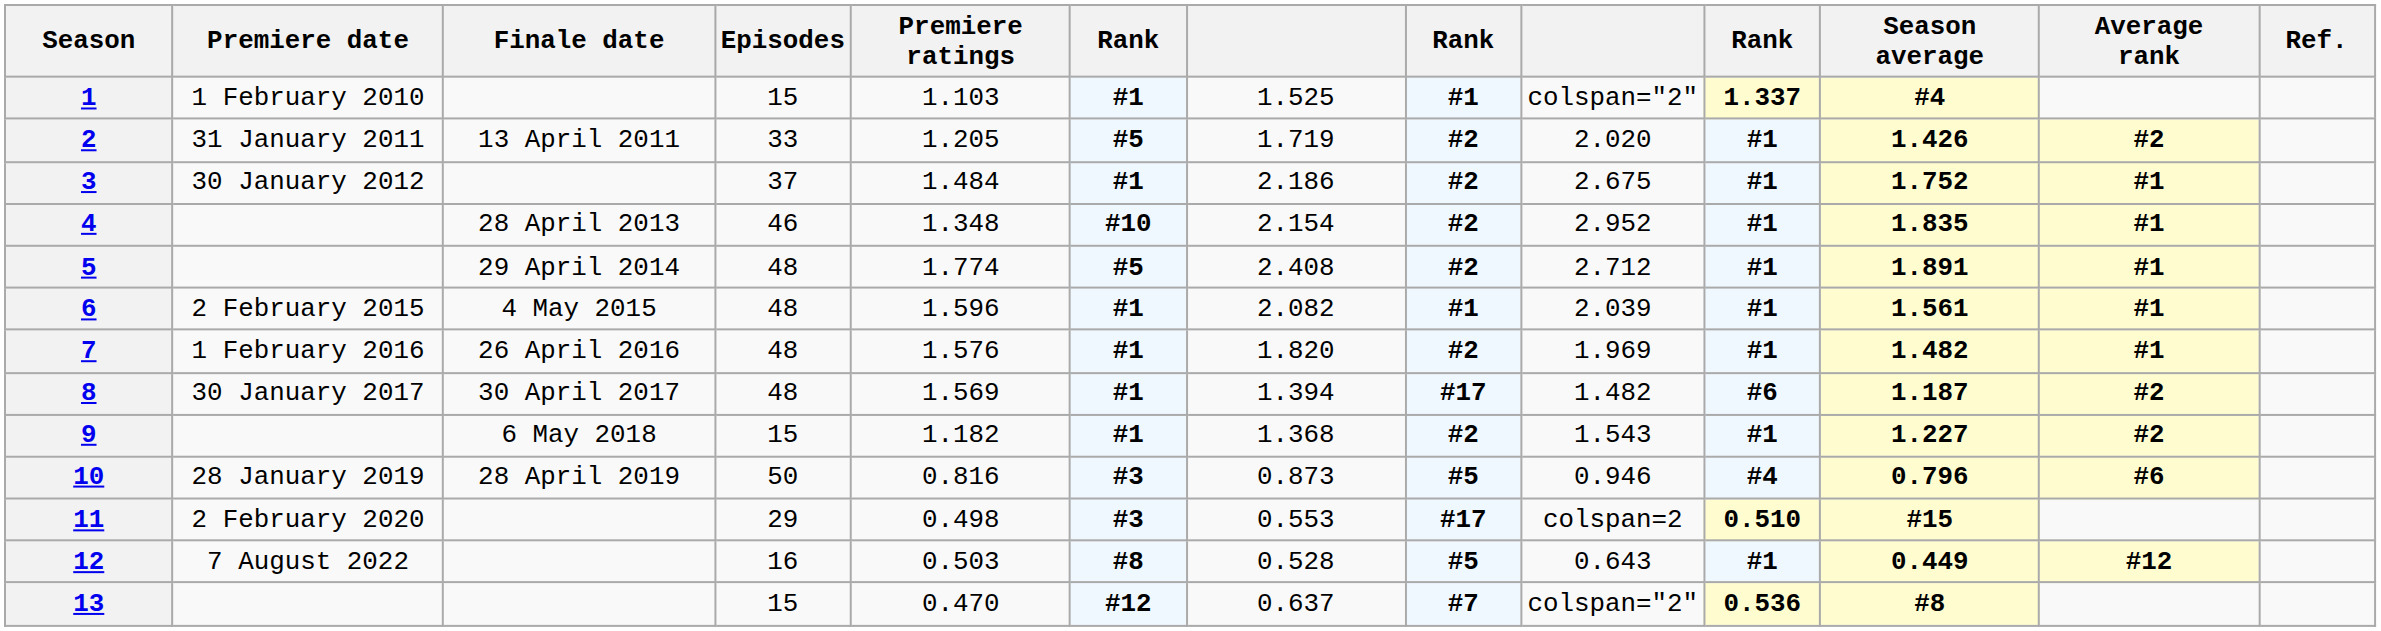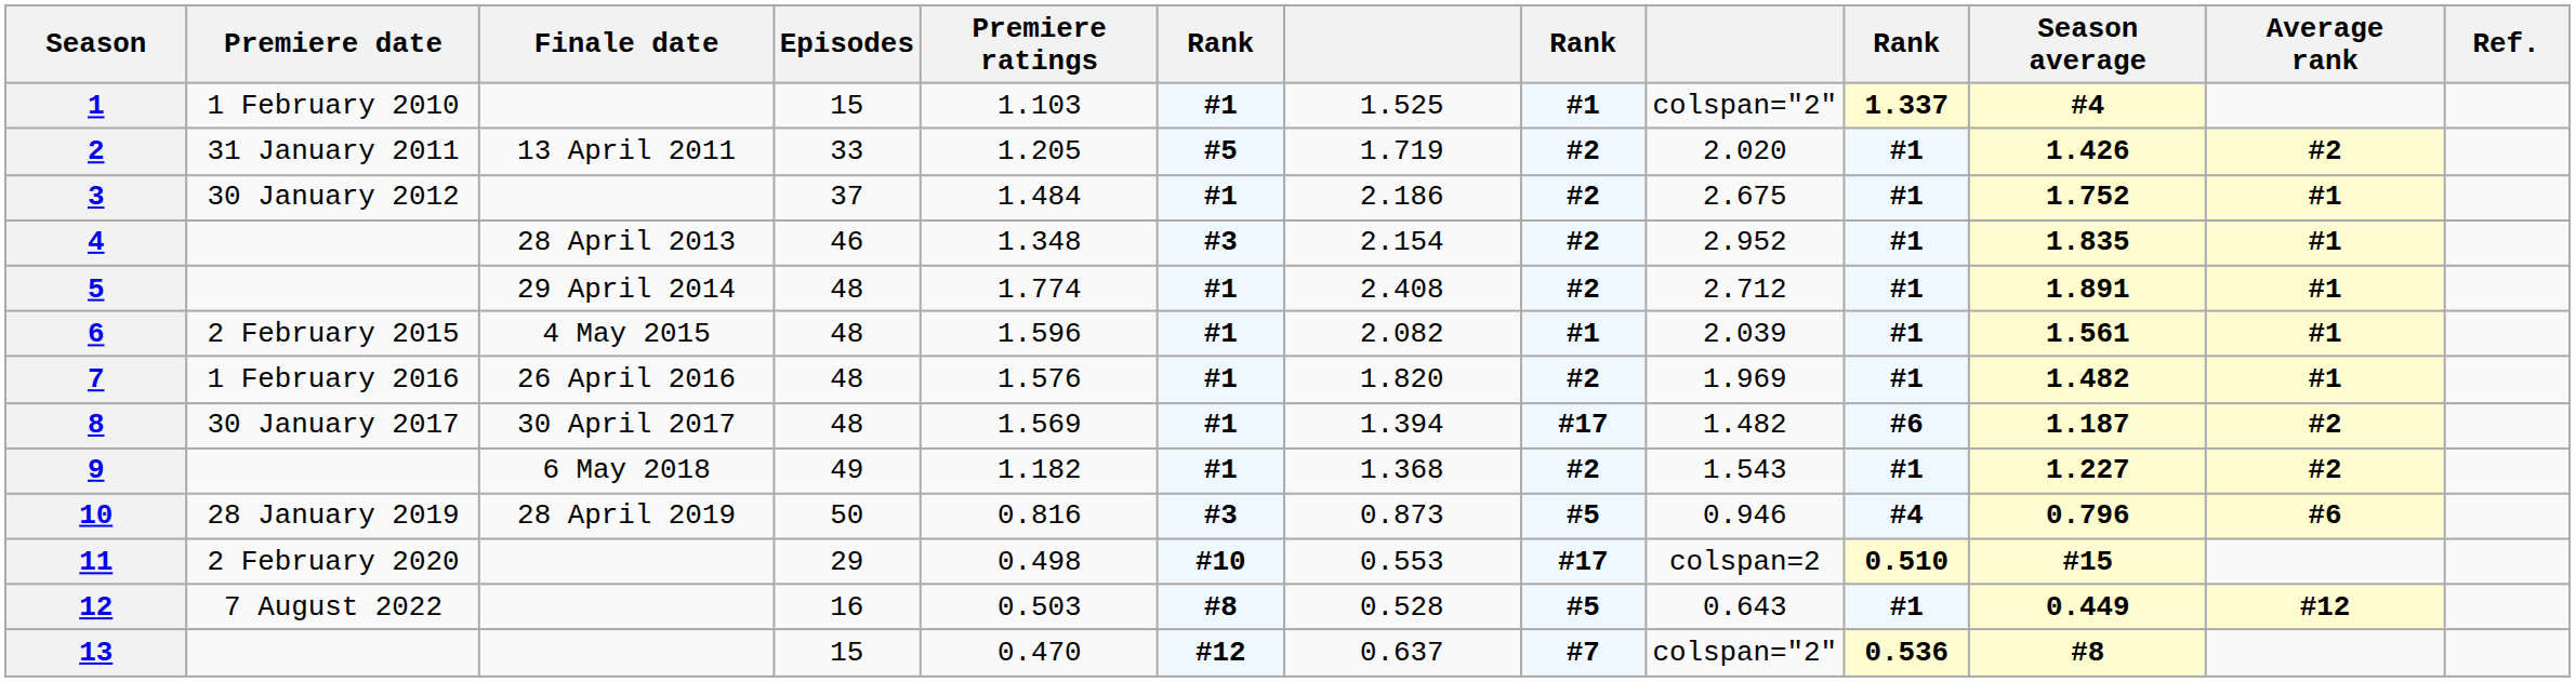 <table class="wikitable plainrowheaders" style="text-align:center;">
 <tr style="background:#DCDCDC;">
 <th scope="col" style="width:6em;">Season</th>
 <th scope="col" style="width:10em;">Premiere date</th>
 <th scope="col" style="width:10em;">Finale date</th>
 <th scope="col">Episodes</th>
 <th scope="col" style="width:8em;">Premiere<br>ratings</th>
 <th scope="col" style="width:4em;">Rank</th>
 <th scope="col" style="width:8em;"><strong></strong><br><em><small></small></em></th>
 <th scope="col" style="width:4em;">Rank</th>
 <th scope="col"><strong></strong><br><em><small></small></em></th>
 <th scope="col" style="width:4em;">Rank</th>
 <th scope="col" style="width:8em;">Season<br>average</th>
 <th scope="col" style="width:8em;">Average<br>rank</th>
 <th scope="col" style="width:4em;">Ref.</th>
 </tr>
 <tr>
 <th scope="row" style="text-align:center;"><a href='#'>1</a></th>
 <td>1 February 2010</td>
 <td></td>
 <td>15</td>
 <td>1.103</td>
 <td style="background:#F0F8FF"><strong>#1</strong></td>
 <td>1.525</td>
 <td style="background:#F0F8FF"><strong>#1</strong></td>
 <td>colspan="2" </td>
 <th style="background:#FFFDD0">1.337</th>
 <th style="background:#FFFDD0">#4</th>
 <td></td>
 </tr>
 <tr>
 <th scope="row" style="text-align:center;"><a href='#'>2</a></th>
 <td>31 January 2011</td>
 <td>13 April 2011</td>
 <td>33</td>
 <td>1.205</td>
 <td style="background:#F0F8FF"><strong>#5</strong></td>
 <td>1.719</td>
 <td style="background:#F0F8FF"><strong>#2</strong></td>
 <td>2.020</td>
 <td style="background:#F0F8FF"><strong>#1</strong></td>
 <th style="background:#FFFDD0">1.426</th>
 <th style="background:#FFFDD0">#2</th>
 <td></td>
 </tr>
 <tr>
 <th scope="row" style="text-align:center;"><a href='#'>3</a></th>
 <td>30 January 2012</td>
 <td></td>
 <td>37</td>
 <td>1.484</td>
 <td style="background:#F0F8FF"><strong>#1</strong></td>
 <td>2.186</td>
 <td style="background:#F0F8FF"><strong>#2</strong></td>
 <td>2.675</td>
 <td style="background:#F0F8FF"><strong>#1</strong></td>
 <th style="background:#FFFDD0">1.752</th>
 <th style="background:#FFFDD0">#1</th>
 <td></td>
 </tr>
 <tr>
 <th scope="row" style="text-align:center;"><a href='#'>4</a></th>
 <td></td>
 <td>28 April 2013</td>
 <td>46</td>
 <td>1.348</td>
-<td style="background:#F0F8FF"><strong>#10</strong></td>
+<td style="background:#F0F8FF"><strong>#3</strong></td>
 <td>2.154</td>
 <td style="background:#F0F8FF"><strong>#2</strong></td>
 <td>2.952</td>
 <td style="background:#F0F8FF"><strong>#1</strong></td>
 <th style="background:#FFFDD0">1.835</th>
 <th style="background:#FFFDD0">#1</th>
 <td></td>
 </tr>
 <tr>
 <th scope="row" style="text-align:center;"><a href='#'>5</a></th>
 <td></td>
 <td>29 April 2014</td>
 <td>48</td>
 <td>1.774</td>
-<td style="background:#F0F8FF"><strong>#5</strong></td>
+<td style="background:#F0F8FF"><strong>#1</strong></td>
 <td>2.408</td>
 <td style="background:#F0F8FF"><strong>#2</strong></td>
 <td>2.712</td>
 <td style="background:#F0F8FF"><strong>#1</strong></td>
 <th style="background:#FFFDD0">1.891</th>
 <th style="background:#FFFDD0">#1</th>
 <td></td>
 </tr>
 <tr>
 <th scope="row" style="text-align:center;"><a href='#'>6</a></th>
 <td>2 February 2015</td>
 <td>4 May 2015</td>
 <td>48</td>
 <td>1.596</td>
 <td style="background:#F0F8FF"><strong>#1</strong></td>
 <td>2.082</td>
 <td style="background:#F0F8FF"><strong>#1</strong></td>
 <td>2.039</td>
 <td style="background:#F0F8FF"><strong>#1</strong></td>
 <th style="background:#FFFDD0">1.561</th>
 <th style="background:#FFFDD0">#1</th>
 <td></td>
 </tr>
 <tr>
 <th scope="row" style="text-align:center;"><a href='#'>7</a></th>
 <td>1 February 2016</td>
 <td>26 April 2016</td>
 <td>48</td>
 <td>1.576</td>
 <td style="background:#F0F8FF"><strong>#1</strong></td>
 <td>1.820</td>
 <td style="background:#F0F8FF"><strong>#2</strong></td>
 <td>1.969</td>
 <td style="background:#F0F8FF"><strong>#1</strong></td>
 <th style="background:#FFFDD0">1.482</th>
 <th style="background:#FFFDD0">#1</th>
 <td></td>
 </tr>
 <tr>
 <th scope="row" style="text-align:center;"><a href='#'>8</a></th>
 <td>30 January 2017</td>
 <td>30 April 2017</td>
 <td>48</td>
 <td>1.569</td>
 <td style="background:#F0F8FF"><strong>#1</strong></td>
 <td>1.394</td>
 <td style="background:#F0F8FF"><strong>#17</strong></td>
 <td>1.482</td>
 <td style="background:#F0F8FF"><strong>#6</strong></td>
 <th style="background:#FFFDD0">1.187</th>
 <th style="background:#FFFDD0">#2</th>
 <td></td>
 </tr>
 <tr>
 <th scope="row" style="text-align:center;"><a href='#'>9</a></th>
 <td></td>
 <td>6 May 2018</td>
-<td>15</td>
+<td>49</td>
 <td>1.182</td>
 <td style="background:#F0F8FF"><strong>#1</strong></td>
 <td>1.368</td>
 <td style="background:#F0F8FF"><strong>#2</strong></td>
 <td>1.543</td>
 <td style="background:#F0F8FF"><strong>#1</strong></td>
 <th style="background:#FFFDD0">1.227</th>
 <th style="background:#FFFDD0"><strong>#2</strong></th>
 <td></td>
 </tr>
 <tr>
 <th scope="row" style="text-align:center;"><a href='#'>10</a></th>
 <td>28 January 2019</td>
 <td>28 April 2019</td>
 <td>50</td>
 <td>0.816</td>
 <td style="background:#F0F8FF"><strong>#3</strong></td>
 <td>0.873</td>
 <td style="background:#F0F8FF"><strong>#5</strong></td>
 <td>0.946</td>
 <td style="background:#F0F8FF"><strong>#4</strong></td>
 <th style="background:#FFFDD0">0.796</th>
 <th style="background:#FFFDD0">#6</th>
 <td></td>
 </tr>
 <tr>
 <th scope="row" style="text-align:center;"><a href='#'>11</a></th>
 <td>2 February 2020</td>
 <td></td>
 <td>29</td>
 <td>0.498</td>
-<td style="background:#F0F8FF"><strong>#3</strong></td>
+<td style="background:#F0F8FF"><strong>#10</strong></td>
 <td>0.553</td>
 <td style="background:#F0F8FF"><strong>#17</strong></td>
 <td>colspan=2 </td>
 <th style="background:#FFFDD0">0.510</th>
 <th style="background:#FFFDD0">#15</th>
 <td></td>
 </tr>
 <tr>
 <th scope="row" style="text-align:center;"><a href='#'>12</a></th>
 <td>7 August 2022</td>
 <td></td>
 <td>16</td>
 <td>0.503</td>
 <td style="background:#F0F8FF"><strong>#8</strong></td>
 <td>0.528</td>
 <td style="background:#F0F8FF"><strong>#5</strong></td>
 <td>0.643</td>
 <td style="background:#F0F8FF"><strong>#1</strong></td>
 <th style="background:#FFFDD0">0.449</th>
 <th style="background:#FFFDD0">#12</th>
 <td></td>
 </tr>
 <tr>
 <th scope="row" style="text-align:center;"><a href='#'>13</a></th>
 <td></td>
 <td></td>
 <td>15</td>
 <td>0.470</td>
 <td style="background:#F0F8FF"><strong>#12</strong></td>
 <td>0.637</td>
 <td style="background:#F0F8FF"><strong>#7</strong></td>
 <td>colspan="2" </td>
 <th style="background:#FFFDD0">0.536</th>
 <th style="background:#FFFDD0">#8</th>
 <td></td>
 </tr>
 </table>
